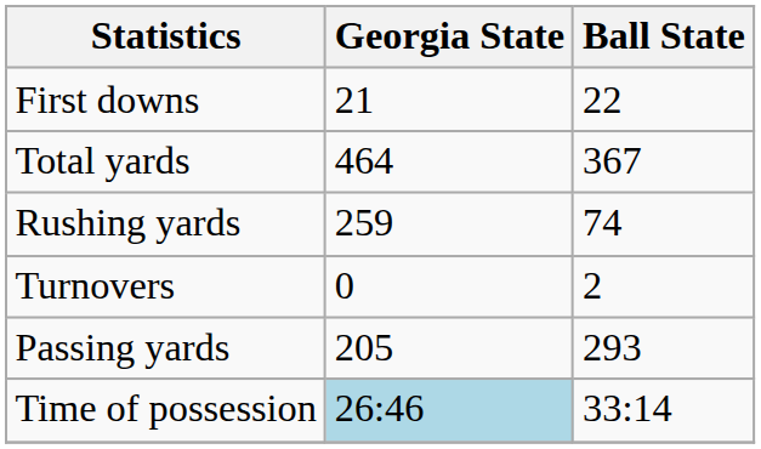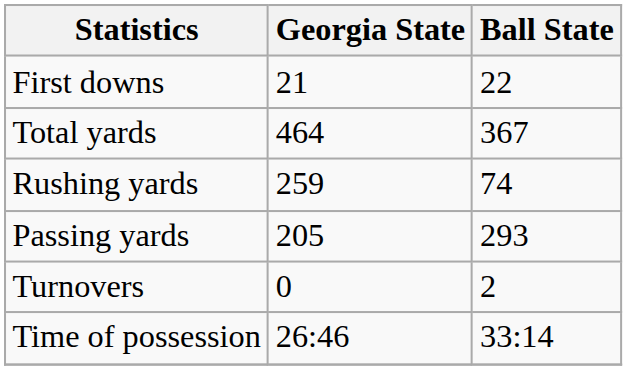 <table class="wikitable">
 <tr>
 <th>Statistics</th>
 <th>Georgia State</th>
 <th>Ball State</th>
 </tr>
 <tr>
 <td>First downs</td>
 <td>21</td>
 <td>22</td>
 </tr>
 <tr>
 <td>Total yards</td>
 <td>464</td>
 <td>367</td>
 </tr>
 <tr>
 <td>Rushing yards</td>
 <td>259</td>
 <td>74</td>
 </tr>
 <tr>
+<td>Passing yards</td>
+<td>205</td>
+<td>293</td>
+</tr>
+<tr>
 <td>Turnovers</td>
 <td>0</td>
 <td>2</td>
 </tr>
 <tr>
-<td>Passing yards</td>
-<td>205</td>
-<td>293</td>
-</tr>
-<tr>
 <td>Time of possession</td>
-<td style="background: lightblue;">26:46</td>
+<td>26:46</td>
 <td>33:14</td>
 </tr>
 <tr>
 </tr>
 </table>
